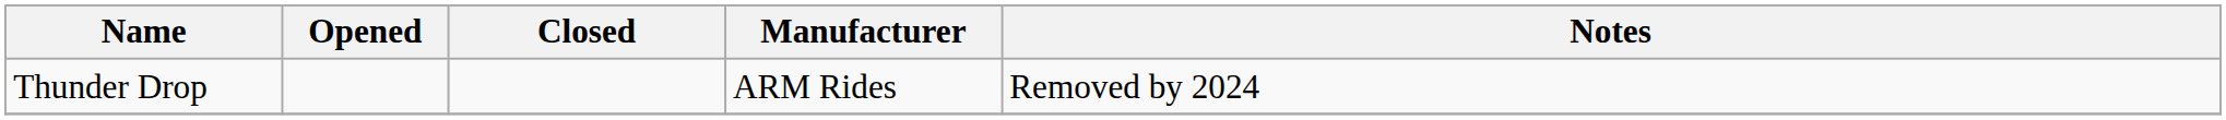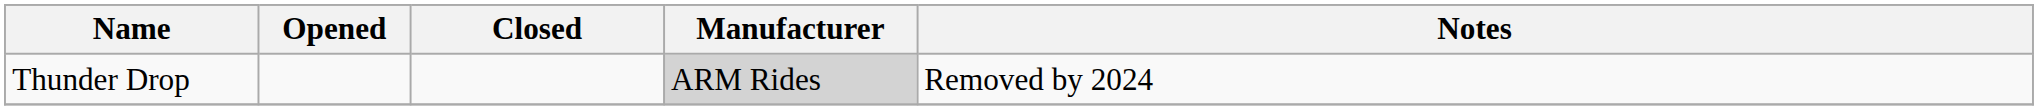 <table class="wikitable">
 <tr>
 <th style="width: 10%;">Name</th>
 <th style="width: 6%;">Opened</th>
 <th style="width: 10%;">Closed</th>
 <th style="width: 10%;">Manufacturer</th>
 <th style="width: 44%;">Notes</th>
 </tr>
 <tr>
 <td>Thunder Drop</td>
 <td></td>
 <td></td>
-<td>ARM Rides</td>
+<td style="background: lightgrey;">ARM Rides</td>
 <td>Removed by 2024</td>
 </tr>
 <tr>
 </tr>
 </table>
